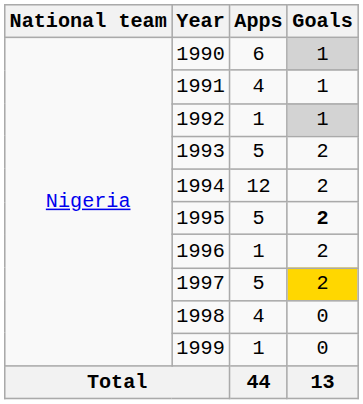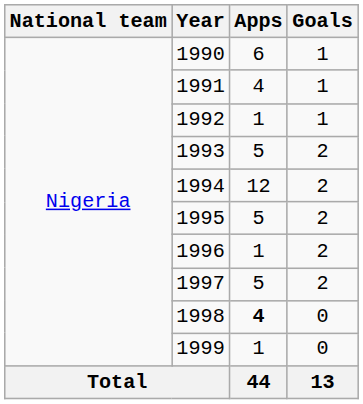 <table class="wikitable" style="text-align:center">
 <tr>
 <th>National team</th>
 <th>Year</th>
 <th>Apps</th>
 <th>Goals</th>
 </tr>
 <tr>
 <td rowspan="10"><a href='#'>Nigeria</a></td>
 <td>1990</td>
 <td>6</td>
-<td style="background: lightgrey;">1</td>
+<td>1</td>
 </tr>
 <tr>
 <td>1991</td>
 <td>4</td>
 <td>1</td>
 </tr>
 <tr>
 <td>1992</td>
 <td>1</td>
-<td style="background: lightgrey;">1</td>
+<td>1</td>
 </tr>
 <tr>
 <td>1993</td>
 <td>5</td>
 <td>2</td>
 </tr>
 <tr>
 <td>1994</td>
 <td>12</td>
 <td>2</td>
 </tr>
 <tr>
 <td>1995</td>
 <td>5</td>
-<td><strong>2</strong></td>
+<td>2</td>
 </tr>
 <tr>
 <td>1996</td>
 <td>1</td>
 <td>2</td>
 </tr>
 <tr>
 <td>1997</td>
 <td>5</td>
-<td style="background: gold;">2</td>
+<td>2</td>
 </tr>
 <tr>
 <td>1998</td>
-<td>4</td>
+<td><strong>4</strong></td>
 <td>0</td>
 </tr>
 <tr>
 <td>1999</td>
 <td>1</td>
 <td>0</td>
 </tr>
 <tr>
 <th colspan="2">Total</th>
 <th>44</th>
 <th>13</th>
 </tr>
 </table>
